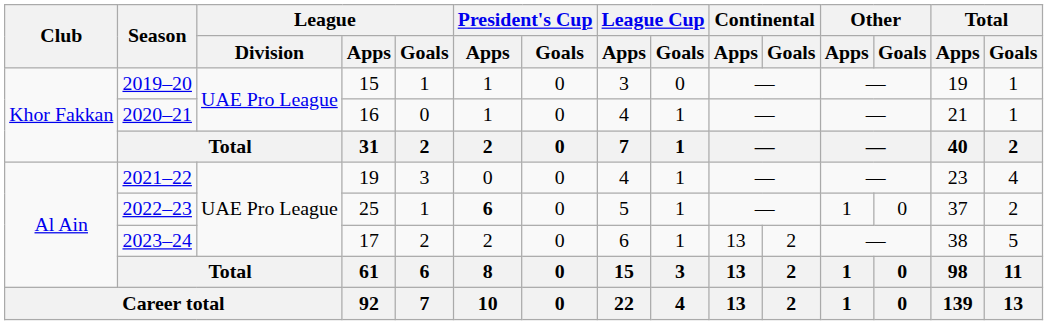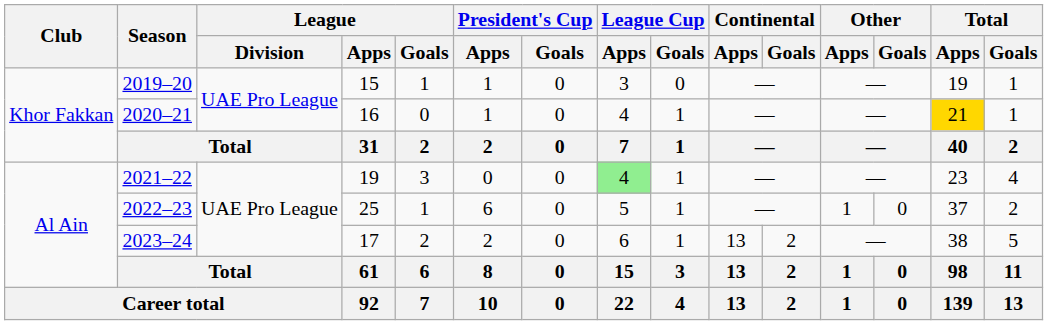 <table class="wikitable" style="text-align: center">
 <tr>
 <th rowspan="2">Club</th>
 <th rowspan="2">Season</th>
 <th colspan="3">League</th>
 <th colspan="2"><a href='#'>President's Cup</a></th>
 <th colspan="2"><a href='#'>League Cup</a></th>
 <th colspan="2">Continental</th>
 <th colspan="2">Other</th>
 <th colspan="2">Total</th>
 </tr>
 <tr>
 <th>Division</th>
 <th>Apps</th>
 <th>Goals</th>
 <th>Apps</th>
 <th>Goals</th>
 <th>Apps</th>
 <th>Goals</th>
 <th>Apps</th>
 <th>Goals</th>
 <th>Apps</th>
 <th>Goals</th>
 <th>Apps</th>
 <th>Goals</th>
 </tr>
 <tr>
 <td rowspan="3"><a href='#'>Khor Fakkan</a></td>
 <td><a href='#'>2019–20</a></td>
 <td rowspan="2"><a href='#'>UAE Pro League</a></td>
 <td>15</td>
 <td>1</td>
 <td>1</td>
 <td>0</td>
 <td>3</td>
 <td>0</td>
 <td colspan="2">—</td>
 <td colspan="2">—</td>
 <td>19</td>
 <td>1</td>
 </tr>
 <tr>
 <td><a href='#'>2020–21</a></td>
 <td>16</td>
 <td>0</td>
 <td>1</td>
 <td>0</td>
 <td>4</td>
 <td>1</td>
 <td colspan="2">—</td>
 <td colspan="2">—</td>
-<td>21</td>
+<td style="background: gold;">21</td>
 <td>1</td>
 </tr>
 <tr>
 <th colspan="2">Total</th>
 <th>31</th>
 <th>2</th>
 <th>2</th>
 <th>0</th>
 <th>7</th>
 <th>1</th>
 <th colspan="2">—</th>
 <th colspan="2">—</th>
 <th>40</th>
 <th>2</th>
 </tr>
 <tr>
 <td rowspan="4"><a href='#'>Al Ain</a></td>
 <td><a href='#'>2021–22</a></td>
 <td rowspan="3">UAE Pro League</td>
 <td>19</td>
 <td>3</td>
 <td>0</td>
 <td>0</td>
-<td>4</td>
+<td style="background: lightgreen;">4</td>
 <td>1</td>
 <td colspan="2">—</td>
 <td colspan="2">—</td>
 <td>23</td>
 <td>4</td>
 </tr>
 <tr>
 <td><a href='#'>2022–23</a></td>
 <td>25</td>
 <td>1</td>
-<td><strong>6</strong></td>
+<td>6</td>
 <td>0</td>
 <td>5</td>
 <td>1</td>
 <td colspan="2">—</td>
 <td>1</td>
 <td>0</td>
 <td>37</td>
 <td>2</td>
 </tr>
 <tr>
 <td><a href='#'>2023–24</a></td>
 <td>17</td>
 <td>2</td>
 <td>2</td>
 <td>0</td>
 <td>6</td>
 <td>1</td>
 <td>13</td>
 <td>2</td>
 <td colspan="2">—</td>
 <td>38</td>
 <td>5</td>
 </tr>
 <tr>
 <th colspan="2">Total</th>
 <th>61</th>
 <th>6</th>
 <th>8</th>
 <th>0</th>
 <th>15</th>
 <th>3</th>
 <th>13</th>
 <th>2</th>
 <th>1</th>
 <th>0</th>
 <th>98</th>
 <th>11</th>
 </tr>
 <tr>
 <th colspan="3">Career total</th>
 <th>92</th>
 <th>7</th>
 <th>10</th>
 <th>0</th>
 <th>22</th>
 <th>4</th>
 <th>13</th>
 <th>2</th>
 <th>1</th>
 <th>0</th>
 <th>139</th>
 <th>13</th>
 </tr>
 </table>
